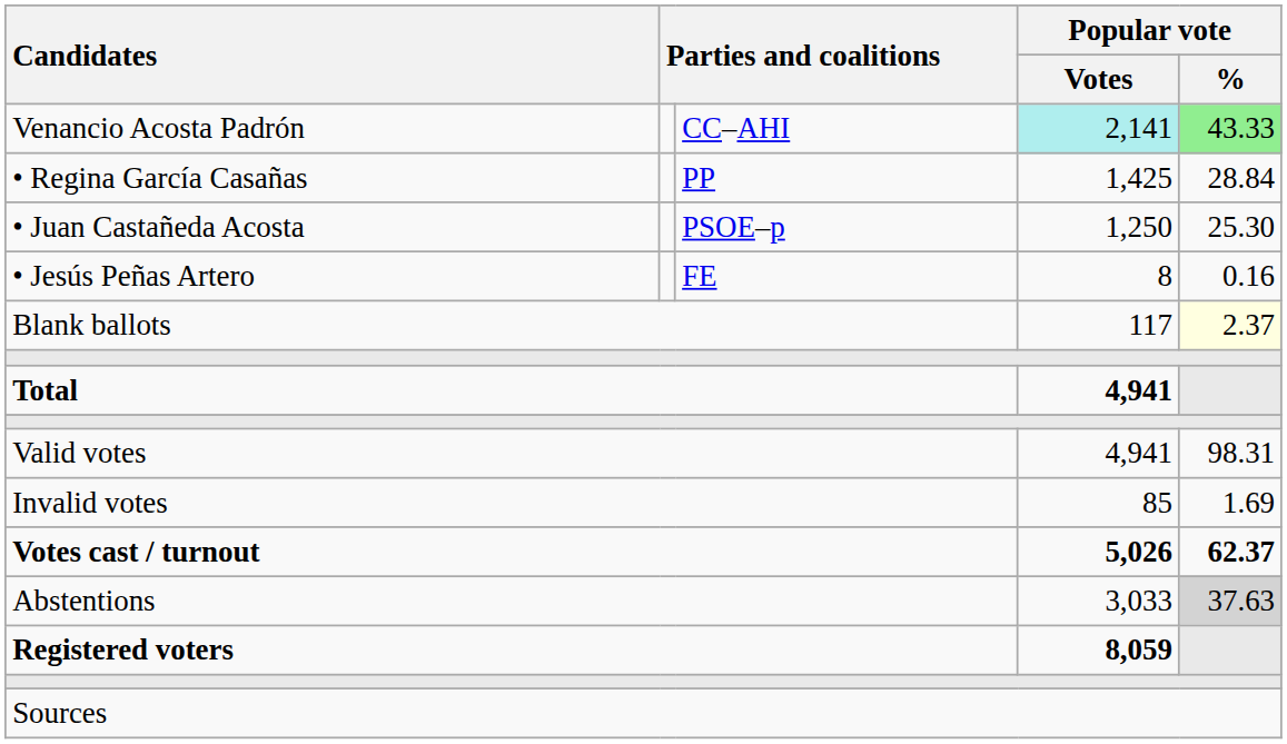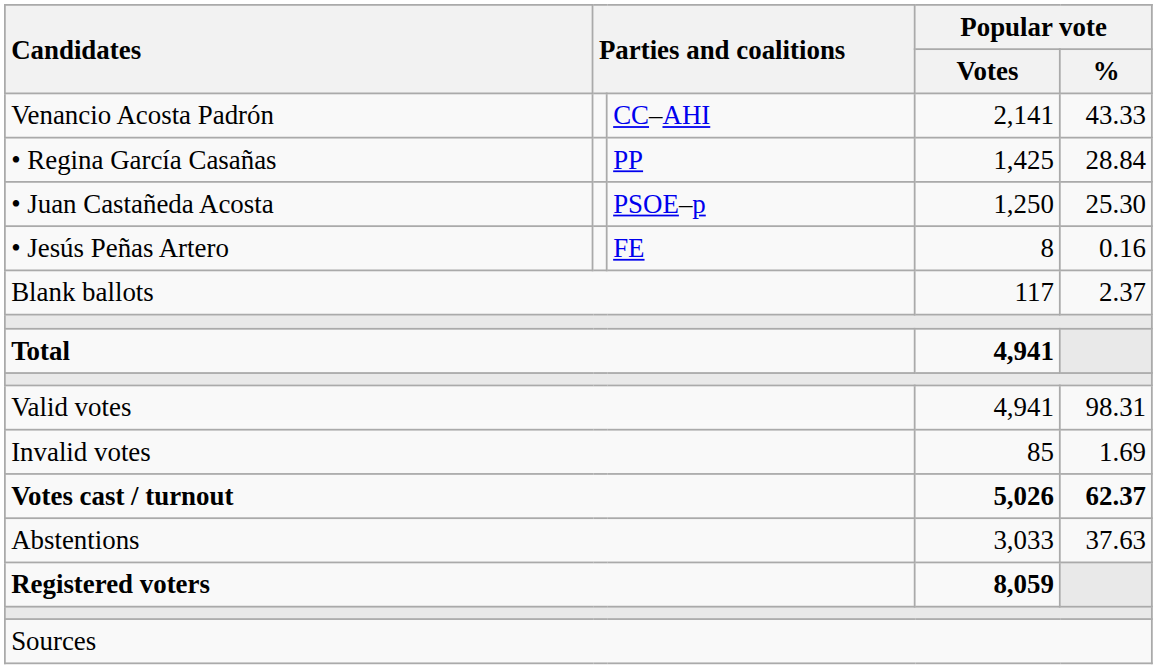 <table class="wikitable" style="text-align:right; font-size:95%;">
 <tr>
 <th style="text-align:left;" rowspan="2" width="325">Candidates</th>
 <th style="text-align:left;" rowspan="2" colspan="2" width="175">Parties and coalitions</th>
 <th colspan="2">Popular vote</th>
 </tr>
 <tr>
 <th width="75">Votes</th>
 <th width="45">%</th>
 </tr>
 <tr>
 <td align="left"> Venancio Acosta Padrón</td>
 <td width="1" style="color:inherit;background:"></td>
 <td align="left"><a href='#'>CC</a>–<a href='#'>AHI</a></td>
-<td style="background: paleturquoise;">2,141</td>
-<td style="background: lightgreen;">43.33</td>
+<td>2,141</td>
+<td>43.33</td>
 </tr>
 <tr>
 <td align="left">• Regina García Casañas</td>
 <td style="color:inherit;background:"></td>
 <td align="left"><a href='#'>PP</a></td>
 <td>1,425</td>
 <td>28.84</td>
 </tr>
 <tr>
 <td align="left">• Juan Castañeda Acosta</td>
 <td style="color:inherit;background:"></td>
 <td align="left"><a href='#'>PSOE</a>–<a href='#'>p</a></td>
 <td>1,250</td>
 <td>25.30</td>
 </tr>
 <tr>
 <td align="left">• Jesús Peñas Artero</td>
 <td style="color:inherit;background:"></td>
 <td align="left"><a href='#'>FE</a></td>
 <td>8</td>
 <td>0.16</td>
 </tr>
 <tr>
 <td align="left" colspan="3">Blank ballots</td>
 <td>117</td>
-<td style="background: lightyellow;">2.37</td>
+<td>2.37</td>
 </tr>
 <tr>
 <td colspan="5" bgcolor="#E9E9E9"></td>
 </tr>
 <tr style="font-weight:bold;">
 <td align="left" colspan="3">Total</td>
 <td>4,941</td>
 <td bgcolor="#E9E9E9"></td>
 </tr>
 <tr>
 <td colspan="5" bgcolor="#E9E9E9"></td>
 </tr>
 <tr>
 <td align="left" colspan="3">Valid votes</td>
 <td>4,941</td>
 <td>98.31</td>
 </tr>
 <tr>
 <td align="left" colspan="3">Invalid votes</td>
 <td>85</td>
 <td>1.69</td>
 </tr>
 <tr style="font-weight:bold;">
 <td align="left" colspan="3">Votes cast / turnout</td>
 <td>5,026</td>
 <td>62.37</td>
 </tr>
 <tr>
 <td align="left" colspan="3">Abstentions</td>
 <td>3,033</td>
-<td style="background: lightgrey;">37.63</td>
+<td>37.63</td>
 </tr>
 <tr style="font-weight:bold;">
 <td align="left" colspan="3">Registered voters</td>
 <td>8,059</td>
 <td bgcolor="#E9E9E9"></td>
 </tr>
 <tr>
 <td colspan="5" bgcolor="#E9E9E9"></td>
 </tr>
 <tr>
 <td align="left" colspan="5">Sources</td>
 </tr>
 </table>
